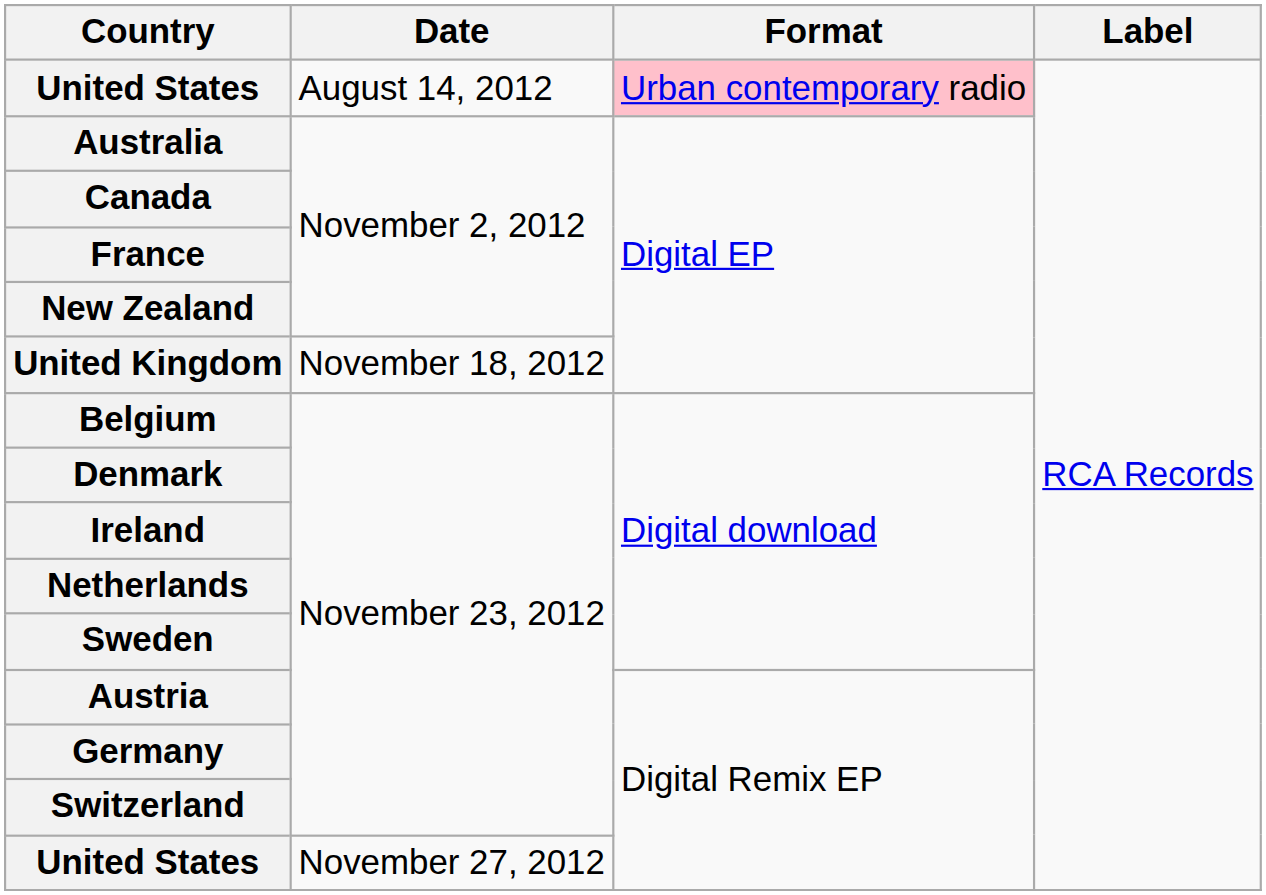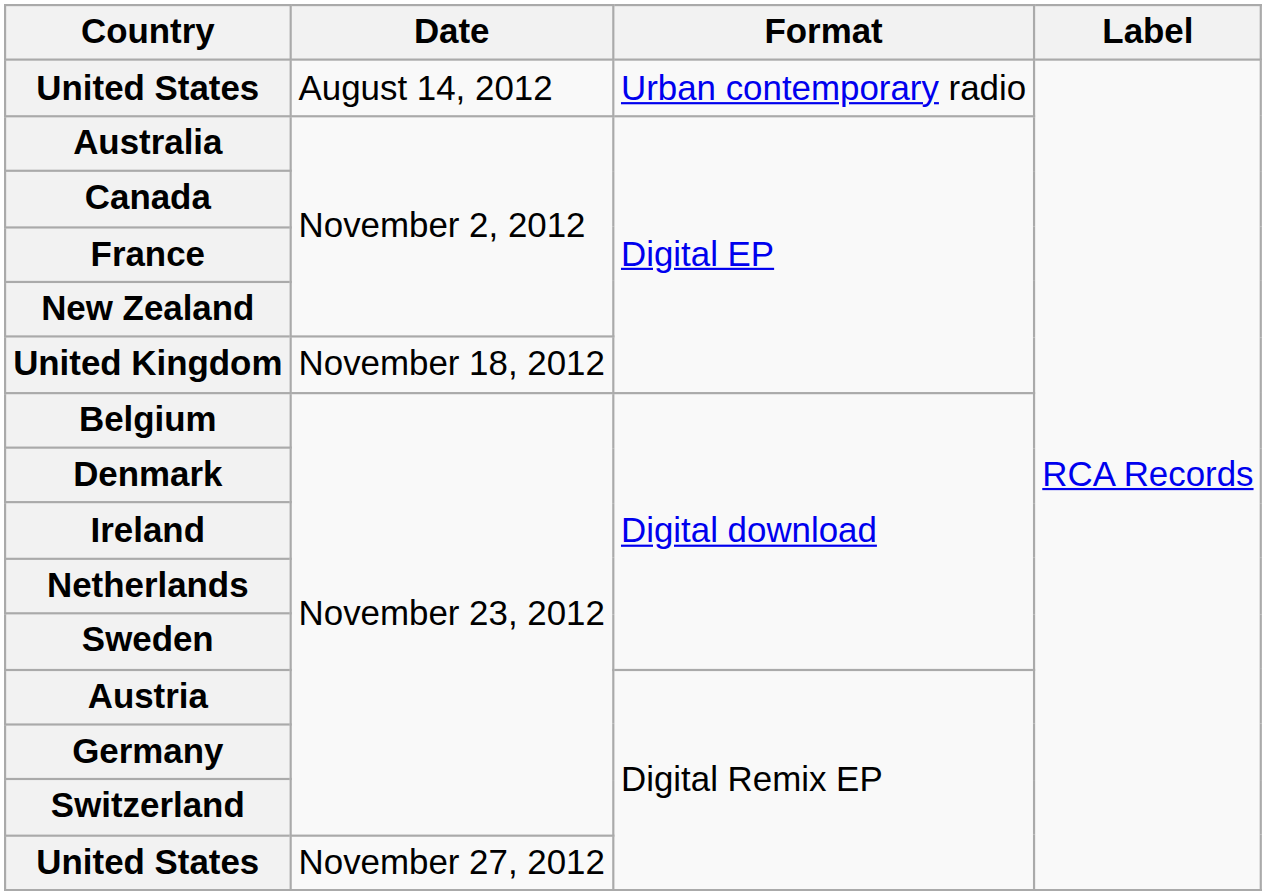 <table class="wikitable plainrowheaders">
 <tr>
 <th scope="col">Country</th>
 <th scope="col">Date</th>
 <th scope="col">Format</th>
 <th scope="col">Label</th>
 </tr>
 <tr>
 <th scope="row">United States</th>
 <td>August 14, 2012</td>
-<td style="background: pink;"><a href='#'>Urban contemporary</a> radio</td>
+<td><a href='#'>Urban contemporary</a> radio</td>
 <td rowspan="15"><a href='#'>RCA Records</a></td>
 </tr>
 <tr>
 <th scope="row">Australia</th>
 <td rowspan="4">November 2, 2012</td>
 <td rowspan="5"><a href='#'>Digital EP</a></td>
 </tr>
 <tr>
 <th scope="row">Canada</th>
 </tr>
 <tr>
 <th scope="row">France</th>
 </tr>
 <tr>
 <th scope="row">New Zealand</th>
 </tr>
 <tr>
 <th scope="row">United Kingdom</th>
 <td>November 18, 2012</td>
 </tr>
 <tr>
 <th scope="row">Belgium</th>
 <td rowspan="8">November 23, 2012</td>
 <td rowspan="5"><a href='#'>Digital download</a></td>
 </tr>
 <tr>
 <th scope="row">Denmark</th>
 </tr>
 <tr>
 <th scope="row">Ireland</th>
 </tr>
 <tr>
 <th scope="row">Netherlands</th>
 </tr>
 <tr>
 <th scope="row">Sweden</th>
 </tr>
 <tr>
 <th scope="row">Austria</th>
 <td rowspan="4">Digital Remix EP</td>
 </tr>
 <tr>
 <th scope="row">Germany</th>
 </tr>
 <tr>
 <th scope="row">Switzerland</th>
 </tr>
 <tr>
 <th scope="row">United States</th>
 <td>November 27, 2012</td>
 </tr>
 <tr>
 </tr>
 </table>
